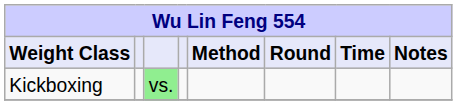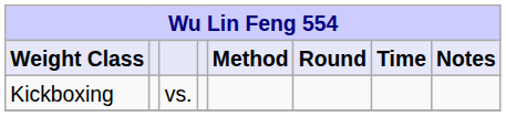 <table class="wikitable" style="font-size: 80%;">
 <tr>
 <th colspan="8" style="background-color: #ccf; color: #000080; text-align: center;">Wu Lin Feng 554</th>
 </tr>
 <tr>
 <th colspan="1" style="background-color: #E6E8FA; color: #000000; text-align: center;">Weight Class</th>
 <th colspan="1" style="background-color: #E6E8FA; color: #000000; text-align: center;"></th>
 <th colspan="1" style="background-color: #E6E8FA; color: #000000; text-align: center;"></th>
 <th colspan="1" style="background-color: #E6E8FA; color: #000000; text-align: center;"></th>
 <th colspan="1" style="background-color: #E6E8FA; color: #000000; text-align: center;">Method</th>
 <th colspan="1" style="background-color: #E6E8FA; color: #000000; text-align: center;">Round</th>
 <th colspan="1" style="background-color: #E6E8FA; color: #000000; text-align: center;">Time</th>
 <th colspan="1" style="background-color: #E6E8FA; color: #000000; text-align: center;">Notes</th>
 </tr>
 <tr>
 <td>Kickboxing</td>
 <td></td>
-<td align=center style="background: lightgreen;">vs.</td>
+<td align=center>vs.</td>
 <td></td>
 <td></td>
 <td align=center></td>
 <td align=center></td>
 <td></td>
 </tr>
 <tr>
 </tr>
 </table>
